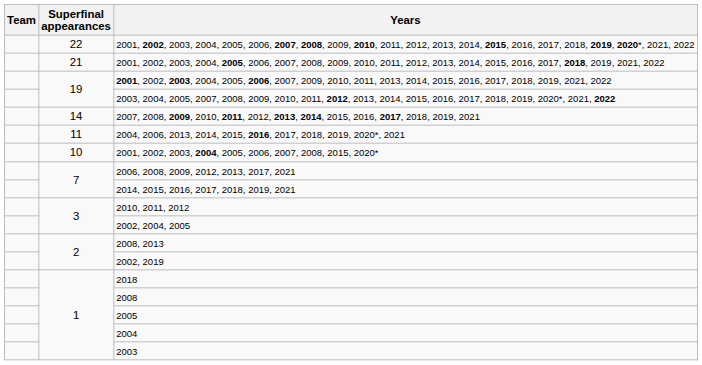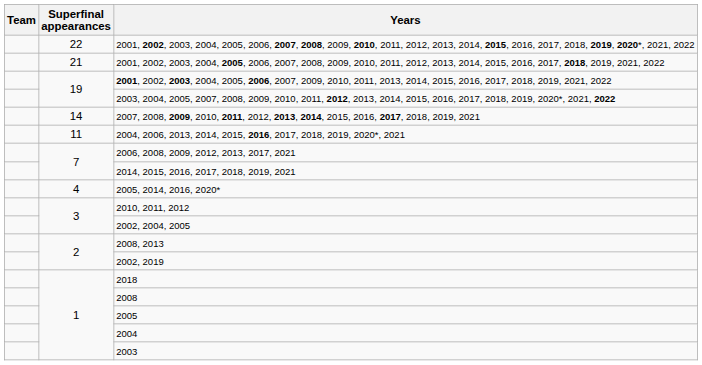 <table class="wikitable" style="text-align:left; font-size:95%;">
 <tr>
 <th>Team</th>
 <th>Superfinal<br>appearances</th>
 <th>Years</th>
 </tr>
 <tr>
 <td></td>
 <td style="text-align:center">22</td>
 <td><small>2001, <strong>2002</strong>, 2003, 2004, 2005, 2006, <strong>2007</strong>, <strong>2008</strong>, 2009, <strong>2010</strong>, 2011, 2012, 2013, 2014, <strong>2015</strong>, 2016, 2017, 2018, <strong>2019</strong>, <strong>2020</strong>*, 2021, 2022</small></td>
 </tr>
 <tr>
 <td></td>
 <td style="text-align:center">21</td>
 <td><small>2001, 2002, 2003, 2004, <strong>2005</strong>, 2006, 2007, 2008, 2009, 2010, 2011, 2012, 2013, 2014, 2015, 2016, 2017, <strong>2018</strong>, 2019, 2021, 2022</small></td>
 </tr>
 <tr>
 <td></td>
 <td style="text-align:center" rowspan=2>19</td>
 <td><small><strong>2001</strong>, 2002, <strong>2003</strong>, 2004, 2005, <strong>2006</strong>, 2007, 2009, 2010, 2011, 2013, 2014, 2015, 2016, 2017, 2018, 2019, 2021, 2022</small></td>
 </tr>
 <tr>
 <td></td>
 <td><small>2003, 2004, 2005, 2007, 2008, 2009, 2010, 2011, <strong>2012</strong>, 2013, 2014, 2015, 2016, 2017, 2018, 2019, 2020*, 2021, <strong>2022</strong></small></td>
 </tr>
 <tr>
 <td></td>
 <td style="text-align:center">14</td>
 <td><small>2007, 2008, <strong>2009</strong>, 2010, <strong>2011</strong>, 2012, <strong>2013</strong>, <strong>2014</strong>, 2015, 2016, <strong>2017</strong>, 2018, 2019, 2021</small></td>
 </tr>
 <tr>
 <td></td>
 <td style="text-align:center">11</td>
 <td><small>2004, 2006, 2013, 2014, 2015, <strong>2016</strong>, 2017, 2018, 2019, 2020*, 2021</small></td>
 </tr>
 <tr>
 <td></td>
-<td style="text-align:center">10</td>
-<td><small>2001, 2002, 2003, <strong>2004</strong>, 2005, 2006, 2007, 2008, 2015, 2020*</small></td>
-</tr>
-<tr>
-<td></td>
 <td style="text-align:center" rowspan=2>7</td>
 <td><small>2006, 2008, 2009, 2012, 2013, 2017, 2021</small></td>
 </tr>
 <tr>
 <td></td>
 <td><small>2014, 2015, 2016, 2017, 2018, 2019, 2021</small></td>
+</tr>
+<tr>
+<td></td>
+<td style="text-align:center">4</td>
+<td><small>2005, 2014, 2016, 2020*</small></td>
 </tr>
 <tr>
 <td></td>
 <td style="text-align:center" rowspan=2>3</td>
 <td><small>2010, 2011, 2012</small></td>
 </tr>
 <tr>
 <td></td>
 <td><small>2002, 2004, 2005</small></td>
 </tr>
 <tr>
 <td></td>
 <td style="text-align:center" rowspan=2>2</td>
 <td><small>2008, 2013</small></td>
 </tr>
 <tr>
 <td></td>
 <td><small>2002, 2019</small></td>
 </tr>
 <tr>
 <td></td>
 <td style="text-align:center" rowspan=5>1</td>
 <td><small>2018</small></td>
 </tr>
 <tr>
 <td></td>
 <td><small>2008</small></td>
 </tr>
 <tr>
 <td></td>
 <td><small>2005</small></td>
 </tr>
 <tr>
 <td></td>
 <td><small>2004</small></td>
 </tr>
 <tr>
 <td></td>
 <td><small>2003</small></td>
 </tr>
 </table>
